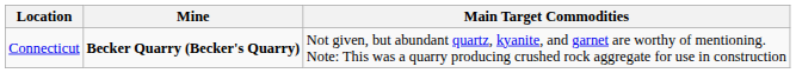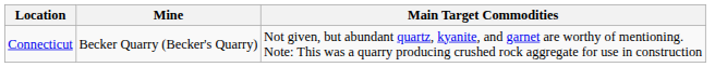 <table class="wikitable">
 <tr>
 <th>Location</th>
 <th>Mine</th>
 <th>Main Target Commodities</th>
 </tr>
 <tr>
 <td><a href='#'>Connecticut</a></td>
-<td><strong>Becker Quarry (Becker's Quarry)</strong></td>
+<td>Becker Quarry (Becker's Quarry)</td>
 <td>Not given, but abundant <a href='#'>quartz</a>, <a href='#'>kyanite</a>, and <a href='#'>garnet</a> are worthy of mentioning.<br>Note: This was a quarry producing crushed rock aggregate for use in construction</td>
 </tr>
 </table>
